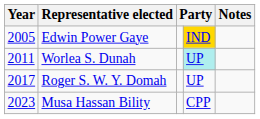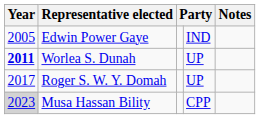 <table class="wikitable">
 <tr>
 <th>Year</th>
 <th>Representative elected</th>
 <th colspan=2>Party</th>
 <th>Notes</th>
 </tr>
 <tr>
 <td><a href='#'>2005</a></td>
 <td><a href='#'>Edwin Power Gaye</a></td>
 <td></td>
-<td style="background: gold;"><a href='#'>IND</a></td>
+<td><a href='#'>IND</a></td>
 <td></td>
 </tr>
 <tr>
-<td><a href='#'>2011</a></td>
+<td><strong><a href='#'>2011</a></strong></td>
 <td><a href='#'>Worlea S. Dunah</a></td>
 <td></td>
-<td style="background: paleturquoise;"><a href='#'>UP</a></td>
+<td><a href='#'>UP</a></td>
 <td></td>
 </tr>
 <tr>
 <td><a href='#'>2017</a></td>
 <td><a href='#'>Roger S. W. Y. Domah</a></td>
 <td></td>
 <td><a href='#'>UP</a></td>
 <td></td>
 </tr>
 <tr>
-<td><a href='#'>2023</a></td>
+<td style="background: lightgrey;"><a href='#'>2023</a></td>
 <td><a href='#'>Musa Hassan Bility</a></td>
 <td></td>
 <td><a href='#'>CPP</a></td>
 <td></td>
 </tr>
 </table>
